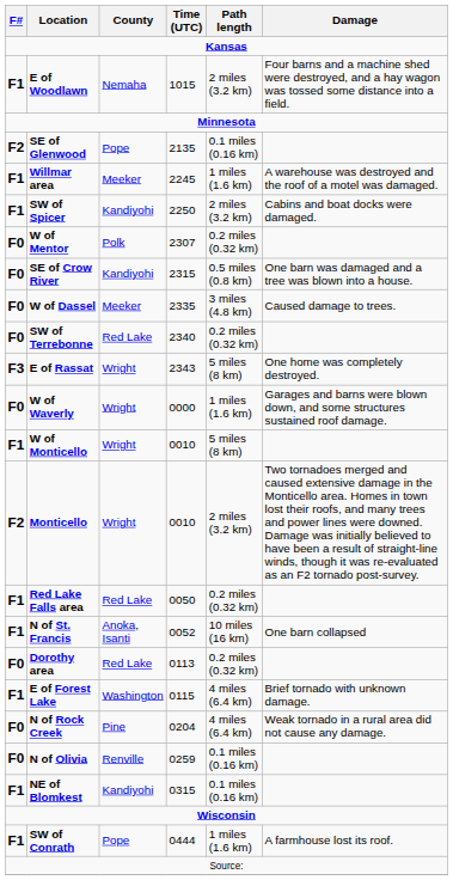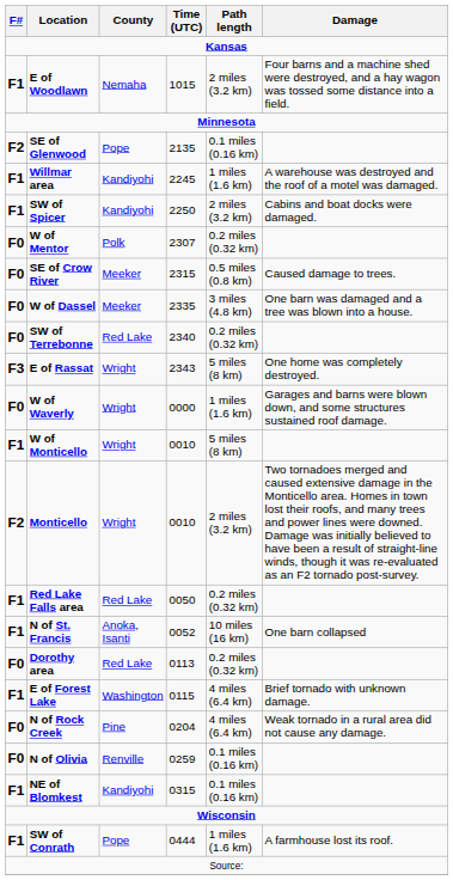 <table class="wikitable">
 <tr>
 <th><strong><a href='#'>F#</a></strong></th>
 <th><strong>Location</strong></th>
 <th><strong>County</strong></th>
 <th><strong>Time (UTC)</strong></th>
 <th><strong>Path length</strong></th>
 <th><strong>Damage</strong></th>
 </tr>
 <tr>
 <td colspan="7" align=center><strong><a href='#'>Kansas</a></strong></td>
 </tr>
 <tr>
 <td><big><strong>F1</strong></big></td>
 <td><strong>E of <a href='#'>Woodlawn</a></strong></td>
 <td><a href='#'>Nemaha</a></td>
 <td>1015</td>
 <td>2 miles <br>(3.2 km)</td>
 <td>Four barns and a machine shed were destroyed, and a hay wagon was tossed some distance into a field.</td>
 </tr>
 <tr>
 <td colspan="7" align=center><strong><a href='#'>Minnesota</a></strong></td>
 </tr>
 <tr>
 <td><big><strong>F2</strong></big></td>
 <td><strong>SE of <a href='#'>Glenwood</a></strong></td>
 <td><a href='#'>Pope</a></td>
 <td>2135</td>
 <td>0.1 miles <br>(0.16 km)</td>
 <td></td>
 </tr>
 <tr>
 <td><big><strong>F1</strong></big></td>
 <td><strong><a href='#'>Willmar</a> area</strong></td>
-<td><a href='#'>Meeker</a></td>
+<td><a href='#'>Kandiyohi</a></td>
 <td>2245</td>
 <td>1 miles <br>(1.6 km)</td>
 <td>A warehouse was destroyed and the roof of a motel was damaged.</td>
 </tr>
 <tr>
 <td><big><strong>F1</strong></big></td>
 <td><strong>SW of <a href='#'>Spicer</a></strong></td>
 <td><a href='#'>Kandiyohi</a></td>
 <td>2250</td>
 <td>2 miles <br>(3.2 km)</td>
 <td>Cabins and boat docks were damaged.</td>
 </tr>
 <tr>
 <td><big><strong>F0</strong></big></td>
 <td><strong>W of <a href='#'>Mentor</a></strong></td>
 <td><a href='#'>Polk</a></td>
 <td>2307</td>
 <td>0.2 miles <br>(0.32 km)</td>
 <td></td>
 </tr>
 <tr>
 <td><big><strong>F0</strong></big></td>
 <td><strong>SE of <a href='#'>Crow River</a></strong></td>
-<td><a href='#'>Kandiyohi</a></td>
+<td><a href='#'>Meeker</a></td>
 <td>2315</td>
 <td>0.5 miles <br>(0.8 km)</td>
-<td>One barn was damaged and a tree was blown into a house.</td>
+<td>Caused damage to trees.</td>
 </tr>
 <tr>
 <td><big><strong>F0</strong></big></td>
 <td><strong>W of <a href='#'>Dassel</a></strong></td>
 <td><a href='#'>Meeker</a></td>
 <td>2335</td>
 <td>3 miles <br>(4.8 km)</td>
-<td>Caused damage to trees.</td>
+<td>One barn was damaged and a tree was blown into a house.</td>
 </tr>
 <tr>
 <td><big><strong>F0</strong></big></td>
 <td><strong>SW of <a href='#'>Terrebonne</a></strong></td>
 <td><a href='#'>Red Lake</a></td>
 <td>2340</td>
 <td>0.2 miles <br>(0.32 km)</td>
 <td></td>
 </tr>
 <tr>
 <td><big><strong>F3</strong></big></td>
 <td><strong>E of <a href='#'>Rassat</a></strong></td>
 <td><a href='#'>Wright</a></td>
 <td>2343</td>
 <td>5 miles <br>(8 km)</td>
 <td>One home was completely destroyed.</td>
 </tr>
 <tr>
 <td><big><strong>F0</strong></big></td>
 <td><strong>W of <a href='#'>Waverly</a></strong></td>
 <td><a href='#'>Wright</a></td>
 <td>0000</td>
 <td>1 miles <br>(1.6 km)</td>
 <td>Garages and barns were blown down, and some structures sustained roof damage.</td>
 </tr>
 <tr>
 <td><big><strong>F1</strong></big></td>
 <td><strong>W of <a href='#'>Monticello</a></strong></td>
 <td><a href='#'>Wright</a></td>
 <td>0010</td>
 <td>5 miles <br>(8 km)</td>
 <td></td>
 </tr>
 <tr>
 <td><big><strong>F2</strong></big></td>
 <td><strong><a href='#'>Monticello</a></strong></td>
 <td><a href='#'>Wright</a></td>
 <td>0010</td>
 <td>2 miles <br>(3.2 km)</td>
 <td>Two tornadoes merged and caused extensive damage in the Monticello area. Homes in town lost their roofs, and many trees and power lines were downed. Damage was initially believed to have been a result of straight-line winds, though it was re-evaluated as an F2 tornado post-survey.</td>
 </tr>
 <tr>
 <td><big><strong>F1</strong></big></td>
 <td><strong><a href='#'>Red Lake Falls</a> area</strong></td>
 <td><a href='#'>Red Lake</a></td>
 <td>0050</td>
 <td>0.2 miles <br>(0.32 km)</td>
 <td></td>
 </tr>
 <tr>
 <td><big><strong>F1</strong></big></td>
 <td><strong>N of <a href='#'>St. Francis</a></strong></td>
 <td><a href='#'>Anoka</a>, <a href='#'>Isanti</a></td>
 <td>0052</td>
 <td>10 miles <br>(16 km)</td>
 <td>One barn collapsed</td>
 </tr>
 <tr>
 <td><big><strong>F0</strong></big></td>
 <td><strong><a href='#'>Dorothy</a> area</strong></td>
 <td><a href='#'>Red Lake</a></td>
 <td>0113</td>
 <td>0.2 miles <br>(0.32 km)</td>
 <td></td>
 </tr>
 <tr>
 <td><big><strong>F1</strong></big></td>
 <td><strong>E of <a href='#'>Forest Lake</a></strong></td>
 <td><a href='#'>Washington</a></td>
 <td>0115</td>
 <td>4 miles <br>(6.4 km)</td>
 <td>Brief tornado with unknown damage.</td>
 </tr>
 <tr>
 <td><big><strong>F0</strong></big></td>
 <td><strong>N of <a href='#'>Rock Creek</a></strong></td>
 <td><a href='#'>Pine</a></td>
 <td>0204</td>
 <td>4 miles <br>(6.4 km)</td>
 <td>Weak tornado in a rural area did not cause any damage.</td>
 </tr>
 <tr>
 <td><big><strong>F0</strong></big></td>
 <td><strong>N of <a href='#'>Olivia</a></strong></td>
 <td><a href='#'>Renville</a></td>
 <td>0259</td>
 <td>0.1 miles <br>(0.16 km)</td>
 <td></td>
 </tr>
 <tr>
 <td><big><strong>F1</strong></big></td>
 <td><strong>NE of <a href='#'>Blomkest</a></strong></td>
 <td><a href='#'>Kandiyohi</a></td>
 <td>0315</td>
 <td>0.1 miles <br>(0.16 km)</td>
 <td></td>
 </tr>
 <tr>
 <td colspan="7" align=center><strong><a href='#'>Wisconsin</a></strong></td>
 </tr>
 <tr>
 <td><big><strong>F1</strong></big></td>
 <td><strong>SW of <a href='#'>Conrath</a></strong></td>
 <td><a href='#'>Pope</a></td>
 <td>0444</td>
 <td>1 miles <br>(1.6 km)</td>
 <td>A farmhouse lost its roof.</td>
 </tr>
 <tr>
 <td colspan="7" align=center><small>Source: </small></td>
 </tr>
 <tr>
 </tr>
 </table>
